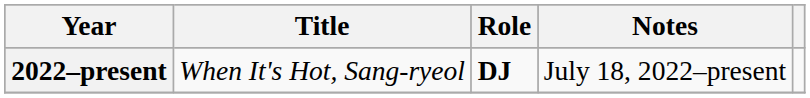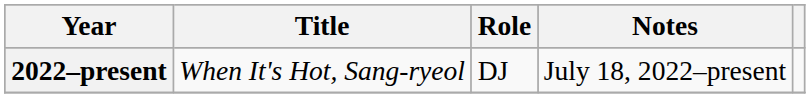 <table class="wikitable  plainrowheaders">
 <tr>
 <th scope="col">Year</th>
 <th scope="col">Title</th>
 <th scope="col">Role</th>
 <th scope="col">Notes</th>
 <th scope="col" class="unsortable"></th>
 </tr>
 <tr>
 <th scope="row">2022–present</th>
 <td><em>When It's Hot, Sang-ryeol</em></td>
-<td><strong>DJ</strong></td>
+<td>DJ</td>
 <td>July 18, 2022–present</td>
 <td></td>
 </tr>
 <tr>
 </tr>
 </table>
